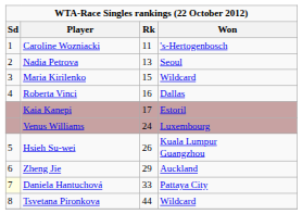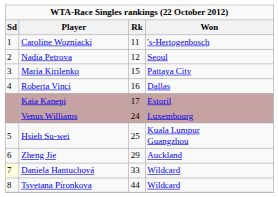 <table class="wikitable" style="float:right;margin-left:1em;font-size:90%;text:justify;">
 <tr align="center">
 <td colspan=4><strong> WTA-Race Singles rankings (22 October 2012)</strong></td>
 </tr>
 <tr>
 <th width=15>Sd</th>
 <th width=170>Player</th>
 <th width=20>Rk</th>
 <th width=200>Won</th>
 </tr>
 <tr>
 <td>1</td>
 <td> <a href='#'>Caroline Wozniacki</a></td>
 <td>11</td>
 <td> <a href='#'>'s-Hertogenbosch</a></td>
 </tr>
 <tr>
 <td>2</td>
 <td> <a href='#'>Nadia Petrova</a></td>
-<td>13</td>
+<td>12</td>
 <td> <a href='#'>Seoul</a></td>
 </tr>
 <tr>
 <td>3</td>
 <td> <a href='#'>Maria Kirilenko</a></td>
 <td>15</td>
-<td><a href='#'>Wildcard</a></td>
+<td> <a href='#'>Pattaya City</a></td>
 </tr>
 <tr>
 <td>4</td>
 <td> <a href='#'>Roberta Vinci</a></td>
 <td>16</td>
 <td> <a href='#'>Dallas</a></td>
 </tr>
 <tr bgcolor=#C7A2A2>
 <td> </td>
 <td> <a href='#'>Kaia Kanepi</a></td>
 <td>17</td>
 <td> <a href='#'>Estoril</a></td>
 </tr>
 <tr bgcolor=#C7A2A2>
 <td> </td>
 <td> <a href='#'>Venus Williams</a></td>
 <td>24</td>
 <td> <a href='#'>Luxembourg</a></td>
 </tr>
 <tr>
 <td>5</td>
 <td> <a href='#'>Hsieh Su-wei</a></td>
-<td>26</td>
+<td>25</td>
 <td> <a href='#'>Kuala Lumpur</a> <br>  <a href='#'>Guangzhou</a></td>
 </tr>
 <tr>
 <td>6</td>
 <td> <a href='#'>Zheng Jie</a></td>
 <td>29</td>
 <td> <a href='#'>Auckland</a></td>
 </tr>
 <tr>
 <td style="background: lightyellow;">7</td>
 <td> <a href='#'>Daniela Hantuchová</a></td>
 <td>33</td>
-<td> <a href='#'>Pattaya City</a></td>
+<td><a href='#'>Wildcard</a></td>
 </tr>
 <tr>
 <td>8</td>
 <td> <a href='#'>Tsvetana Pironkova</a></td>
 <td>44</td>
 <td><a href='#'>Wildcard</a></td>
 </tr>
 <tr>
 </tr>
 </table>
